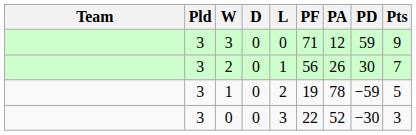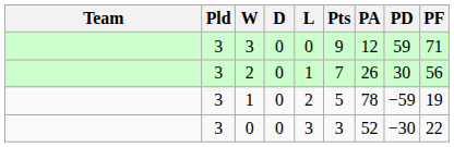 <table class="wikitable" style="text-align:center;">
 <tr>
 <th width=175>Team</th>
 <th width=20 abbr="Played">Pld</th>
 <th width=20 abbr="Won">W</th>
 <th width=20 abbr="Drawn">D</th>
 <th width=20 abbr="Lost">L</th>
-<th width=20 abbr="Points for">PF</th>
+<th width=20 abbr="Points">Pts</th>
 <th width=20 abbr="Points against">PA</th>
 <th width=25 abbr="Points difference">PD</th>
-<th width=20 abbr="Points">Pts</th>
+<th width=20 abbr="Points for">PF</th>
 </tr>
 <tr bgcolor=ccffcc>
 <td style="text-align:left;"></td>
 <td>3</td>
 <td>3</td>
 <td>0</td>
 <td>0</td>
-<td>71</td>
+<td>9</td>
 <td>12</td>
 <td>59</td>
-<td>9</td>
+<td>71</td>
 </tr>
 <tr bgcolor=ccffcc>
 <td style="text-align:left;"></td>
 <td>3</td>
 <td>2</td>
 <td>0</td>
 <td>1</td>
-<td>56</td>
+<td>7</td>
 <td>26</td>
 <td>30</td>
-<td>7</td>
+<td>56</td>
 </tr>
 <tr>
 <td style="text-align:left;"></td>
 <td>3</td>
 <td>1</td>
 <td>0</td>
 <td>2</td>
-<td>19</td>
+<td>5</td>
 <td>78</td>
 <td>−59</td>
-<td>5</td>
+<td>19</td>
 </tr>
 <tr>
 <td style="text-align:left;"></td>
 <td>3</td>
 <td>0</td>
 <td>0</td>
 <td>3</td>
-<td>22</td>
+<td>3</td>
 <td>52</td>
 <td>−30</td>
-<td>3</td>
+<td>22</td>
 </tr>
 </table>
